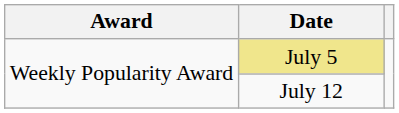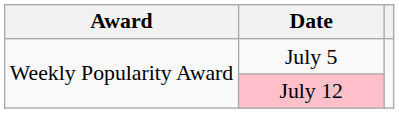 <table class="wikitable" style="table-layout: fixed; margin-right:0; text-align:center">
 <tr>
 <th>Award</th>
 <th style="width:100px;">Date</th>
 <th></th>
 </tr>
 <tr>
 <td rowspan="2" align="center">Weekly Popularity Award</td>
-<td style="background: khaki;">July 5</td>
+<td>July 5</td>
 <td rowspan="2"></td>
 </tr>
 <tr>
-<td>July 12</td>
+<td style="background: pink;">July 12</td>
 </tr>
 </table>
